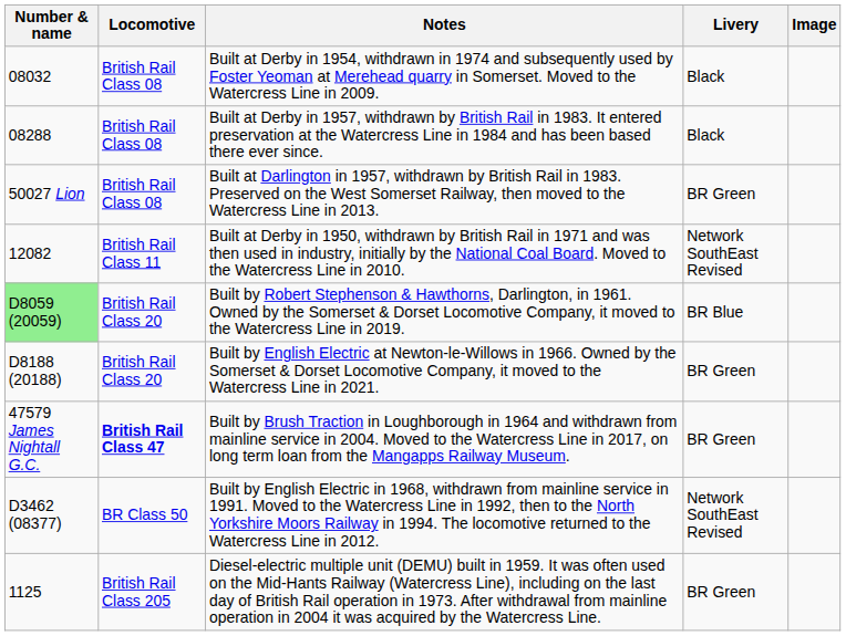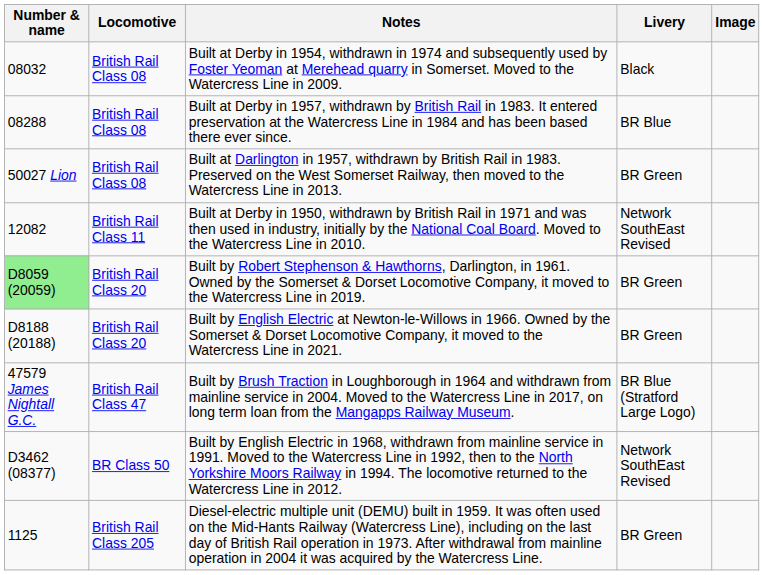 <table class="wikitable">
 <tr>
 <th>Number & name</th>
 <th>Locomotive</th>
 <th>Notes</th>
 <th>Livery</th>
 <th>Image</th>
 </tr>
 <tr>
 <td>08032</td>
 <td><a href='#'>British Rail Class 08</a></td>
 <td>Built at Derby in 1954, withdrawn in 1974 and subsequently used by <a href='#'>Foster Yeoman</a> at <a href='#'>Merehead quarry</a> in Somerset. Moved to the Watercress Line in 2009.</td>
 <td>Black</td>
 <td></td>
 </tr>
 <tr>
 <td>08288</td>
 <td><a href='#'>British Rail Class 08</a></td>
 <td>Built at Derby in 1957, withdrawn by <a href='#'>British Rail</a> in 1983. It entered preservation at the Watercress Line in 1984 and has been based there ever since.</td>
-<td>Black</td>
+<td>BR Blue</td>
 <td></td>
 </tr>
 <tr>
 <td>50027 <a href='#'><em>Lion</em></a></td>
 <td><a href='#'>British Rail Class 08</a></td>
 <td>Built at <a href='#'>Darlington</a> in 1957, withdrawn by British Rail in 1983. Preserved on the West Somerset Railway, then moved to the Watercress Line in 2013.</td>
 <td>BR Green</td>
 <td></td>
 </tr>
 <tr>
 <td>12082</td>
 <td><a href='#'>British Rail Class 11</a></td>
 <td>Built at Derby in 1950, withdrawn by British Rail in 1971 and was then used in industry, initially by the <a href='#'>National Coal Board</a>. Moved to the Watercress Line in 2010.</td>
 <td>Network SouthEast Revised</td>
 <td></td>
 </tr>
 <tr>
 <td style="background: lightgreen;">D8059<br>(20059)</td>
 <td><a href='#'>British Rail Class 20</a></td>
 <td>Built by <a href='#'>Robert Stephenson & Hawthorns</a>, Darlington, in 1961. Owned by the Somerset & Dorset Locomotive Company, it moved to the Watercress Line in 2019.</td>
-<td>BR Blue</td>
+<td>BR Green</td>
 <td></td>
 </tr>
 <tr>
 <td>D8188<br>(20188)</td>
 <td><a href='#'>British Rail Class 20</a></td>
 <td>Built by <a href='#'>English Electric</a> at Newton-le-Willows in 1966. Owned by the Somerset & Dorset Locomotive Company, it moved to the Watercress Line in 2021.</td>
 <td>BR Green</td>
 <td></td>
 </tr>
 <tr>
 <td>47579 <a href='#'><em>James Nightall G.C.</em></a></td>
-<td><strong><a href='#'>British Rail Class 47</a></strong></td>
+<td><a href='#'>British Rail Class 47</a></td>
 <td>Built by <a href='#'>Brush Traction</a> in Loughborough in 1964 and withdrawn from mainline service in 2004. Moved to the Watercress Line in 2017, on long term loan from the <a href='#'>Mangapps Railway Museum</a>.</td>
-<td>BR Green</td>
+<td>BR Blue<br>(Stratford Large Logo)</td>
 <td></td>
 </tr>
 <tr>
 <td>D3462 (08377)</td>
 <td><a href='#'>BR Class 50</a></td>
 <td>Built by English Electric in 1968, withdrawn from mainline service in 1991. Moved to the Watercress Line in 1992, then to the <a href='#'>North Yorkshire Moors Railway</a> in 1994. The locomotive returned to the Watercress Line in 2012.</td>
 <td>Network SouthEast Revised</td>
 <td></td>
 </tr>
 <tr>
 <td>1125</td>
 <td><a href='#'>British Rail Class 205</a></td>
 <td>Diesel-electric multiple unit (DEMU) built in 1959. It was often used on the Mid-Hants Railway (Watercress Line), including on the last day of British Rail operation in 1973. After withdrawal from mainline operation in 2004 it was acquired by the Watercress Line.</td>
 <td>BR Green</td>
 <td></td>
 </tr>
 </table>
